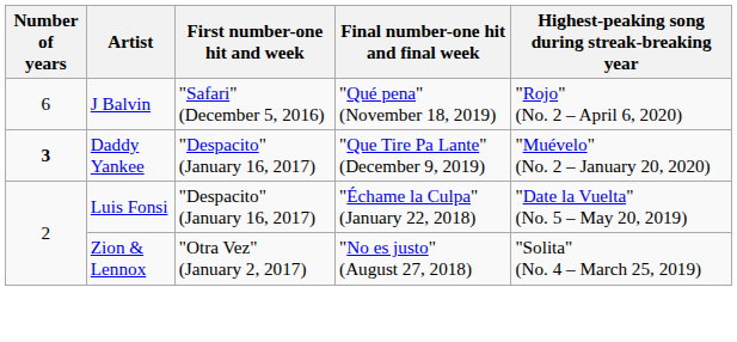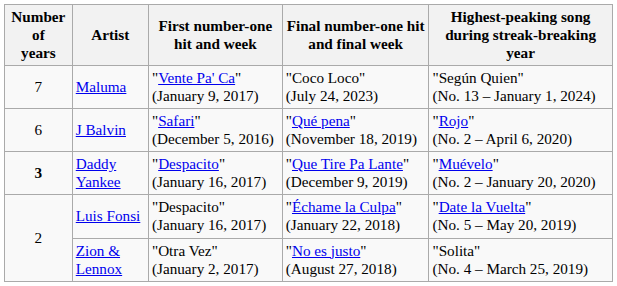 <table class="wikitable" style="font-size:95%;">
 <tr>
 <th>Number of <br>years</th>
 <th>Artist</th>
 <th>First number-one hit and week</th>
 <th>Final number-one hit and final week</th>
 <th>Highest-peaking song during streak-breaking year</th>
+</tr>
+<tr>
+<td style="text-align:center;">7</td>
+<td><a href='#'>Maluma</a></td>
+<td>"<a href='#'>Vente Pa' Ca</a>" <br>(January 9, 2017)</td>
+<td>"Coco Loco" <br>(July 24, 2023)</td>
+<td>"Según Quien" <br>(No. 13 – January 1, 2024)</td>
 </tr>
 <tr>
 <td style="text-align:center;">6</td>
 <td><a href='#'>J Balvin</a></td>
 <td>"<a href='#'>Safari</a>" <br>(December 5, 2016)</td>
 <td>"<a href='#'>Qué pena</a>" <br>(November 18, 2019)</td>
 <td>"<a href='#'>Rojo</a>" <br>(No. 2 – April 6, 2020)</td>
 </tr>
 <tr>
 <td style="text-align:center;"><strong>3</strong></td>
 <td><a href='#'>Daddy Yankee</a></td>
 <td>"<a href='#'>Despacito</a>" <br>(January 16, 2017)</td>
 <td>"<a href='#'>Que Tire Pa Lante</a>"  <br>(December 9, 2019)</td>
 <td>"<a href='#'>Muévelo</a>" <br>(No. 2 – January 20, 2020)</td>
 </tr>
 <tr>
 <td rowspan="2" style="text-align:center;">2</td>
 <td><a href='#'>Luis Fonsi</a></td>
 <td>"Despacito" <br>(January 16, 2017)</td>
 <td>"<a href='#'>Échame la Culpa</a>" <br>(January 22, 2018)</td>
 <td>"<a href='#'>Date la Vuelta</a>" <br>(No. 5 – May 20, 2019)</td>
 </tr>
 <tr>
 <td><a href='#'>Zion & Lennox</a></td>
 <td>"Otra Vez" <br>(January 2, 2017)</td>
 <td>"<a href='#'>No es justo</a>" <br>(August 27, 2018)</td>
 <td>"Solita" <br>(No. 4 – March 25, 2019)</td>
 </tr>
 </table>
